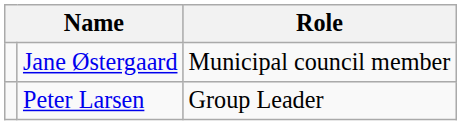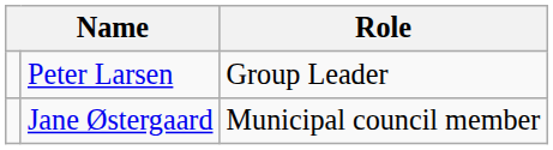 <table class="wikitable">
 <tr>
 <th colspan="2">Name</th>
 <th>Role</th>
 </tr>
 <tr>
 <td width="1"></td>
+<td><a href='#'>Peter Larsen</a></td>
+<td>Group Leader</td>
+</tr>
+<tr>
+<td width="1"></td>
 <td><a href='#'>Jane Østergaard</a></td>
 <td>Municipal council member</td>
 </tr>
-<tr>
-<td width="1"></td>
-<td><a href='#'>Peter Larsen</a></td>
-<td>Group Leader</td>
-</tr>
 </table>
